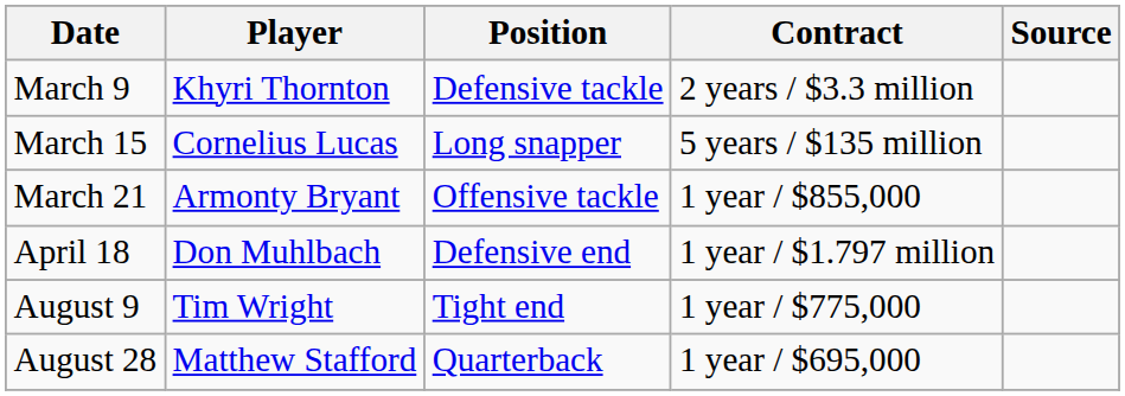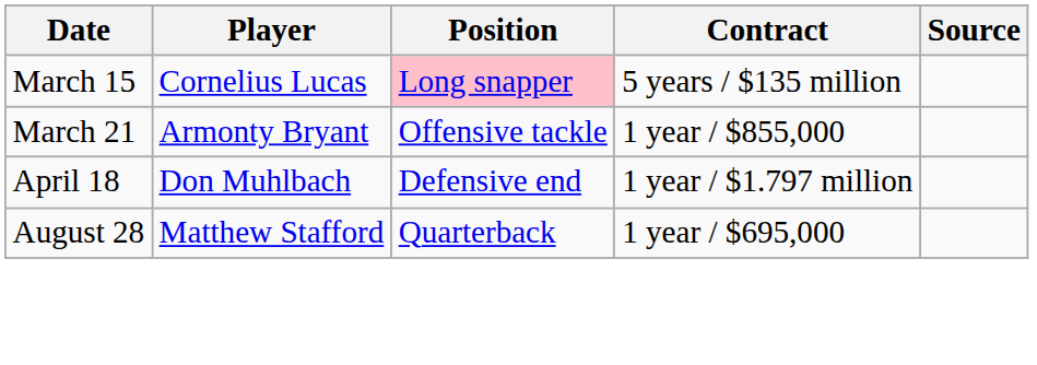 <table class="wikitable">
 <tr>
 <th>Date</th>
 <th>Player</th>
 <th>Position</th>
 <th>Contract</th>
 <th>Source</th>
 </tr>
 <tr>
-<td>March 9</td>
-<td><a href='#'>Khyri Thornton</a></td>
-<td><a href='#'>Defensive tackle</a></td>
-<td>2 years / $3.3 million</td>
-<td></td>
-</tr>
-<tr>
 <td>March 15</td>
 <td><a href='#'>Cornelius Lucas</a></td>
-<td><a href='#'>Long snapper</a></td>
+<td style="background: pink;"><a href='#'>Long snapper</a></td>
 <td>5 years / $135 million</td>
 <td></td>
 </tr>
 <tr>
 <td>March 21</td>
 <td><a href='#'>Armonty Bryant</a></td>
 <td><a href='#'>Offensive tackle</a></td>
 <td>1 year / $855,000</td>
 <td></td>
 </tr>
 <tr>
 <td>April 18</td>
 <td><a href='#'>Don Muhlbach</a></td>
 <td><a href='#'>Defensive end</a></td>
 <td>1 year / $1.797 million</td>
 <td></td>
 </tr>
 <tr>
-<td>August 9</td>
-<td><a href='#'>Tim Wright</a></td>
-<td><a href='#'>Tight end</a></td>
-<td>1 year / $775,000</td>
-<td></td>
-</tr>
-<tr>
 <td>August 28</td>
 <td><a href='#'>Matthew Stafford</a></td>
 <td><a href='#'>Quarterback</a></td>
 <td>1 year / $695,000</td>
 <td></td>
 </tr>
 </table>
